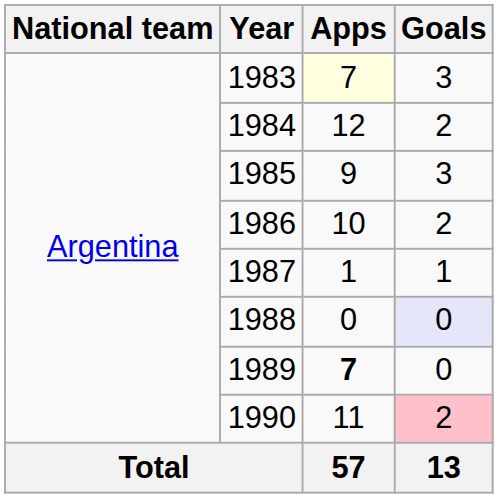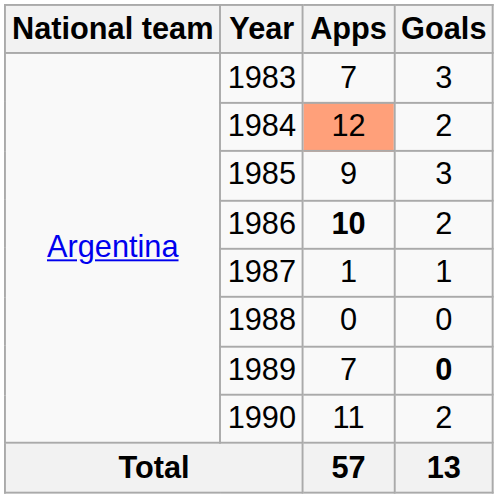 <table class="wikitable" style="text-align:center">
 <tr>
 <th>National team</th>
 <th>Year</th>
 <th>Apps</th>
 <th>Goals</th>
 </tr>
 <tr>
 <td rowspan="8"><a href='#'>Argentina</a></td>
 <td>1983</td>
-<td style="background: lightyellow;">7</td>
+<td>7</td>
 <td>3</td>
 </tr>
 <tr>
 <td>1984</td>
-<td>12</td>
+<td style="background: lightsalmon;">12</td>
 <td>2</td>
 </tr>
 <tr>
 <td>1985</td>
 <td>9</td>
 <td>3</td>
 </tr>
 <tr>
 <td>1986</td>
-<td>10</td>
+<td><strong>10</strong></td>
 <td>2</td>
 </tr>
 <tr>
 <td>1987</td>
 <td>1</td>
 <td>1</td>
 </tr>
 <tr>
 <td>1988</td>
 <td>0</td>
-<td style="background: lavender;">0</td>
+<td>0</td>
 </tr>
 <tr>
 <td>1989</td>
-<td><strong>7</strong></td>
-<td>0</td>
+<td>7</td>
+<td><strong>0</strong></td>
 </tr>
 <tr>
 <td>1990</td>
 <td>11</td>
-<td style="background: pink;">2</td>
+<td>2</td>
 </tr>
 <tr>
 <th colspan="2">Total</th>
 <th>57</th>
 <th>13</th>
 </tr>
 </table>
